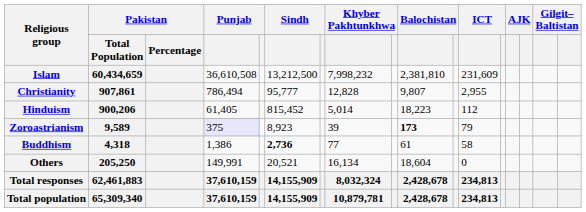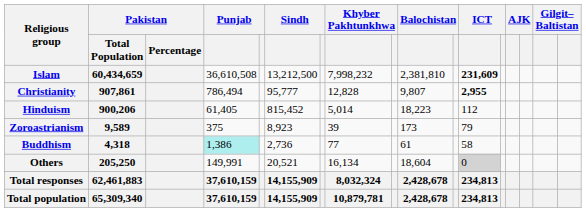 <table class="wikitable sortable">
 <tr>
 <th rowspan="2">Religious<br>group</th>
 <th colspan="2"><a href='#'>Pakistan</a></th>
 <th colspan="2"><a href='#'>Punjab</a></th>
 <th colspan="2"><a href='#'>Sindh</a></th>
 <th colspan="2"><a href='#'>Khyber<br>Pakhtunkhwa</a></th>
 <th colspan="2"><a href='#'>Balochistan</a></th>
 <th colspan="2"><a href='#'>ICT</a></th>
 <th colspan="2"><a href='#'>AJK</a></th>
 <th colspan="2"><a href='#'>Gilgit–<br>Baltistan</a></th>
 </tr>
 <tr>
 <th>Total<br>Population</th>
 <th>Percentage</th>
 <th><a href='#'></a></th>
 <th></th>
 <th></th>
 <th></th>
 <th></th>
 <th></th>
 <th></th>
 <th></th>
 <th></th>
 <th></th>
 <th></th>
 <th></th>
 <th></th>
 <th></th>
 </tr>
 <tr>
 <th><a href='#'>Islam</a> </th>
 <th>60,434,659</th>
 <th></th>
 <td>36,610,508</td>
 <td></td>
 <td>13,212,500</td>
 <td></td>
 <td>7,998,232</td>
 <td></td>
 <td>2,381,810</td>
 <td></td>
-<td>231,609</td>
+<td><strong>231,609</strong></td>
 <td></td>
 <td></td>
 <td></td>
 <td></td>
 <td></td>
 </tr>
 <tr>
 <th><a href='#'>Christianity</a> </th>
 <th>907,861</th>
 <th></th>
 <td>786,494</td>
 <td></td>
 <td>95,777</td>
 <td></td>
 <td>12,828</td>
 <td></td>
 <td>9,807</td>
 <td></td>
-<td>2,955</td>
+<td><strong>2,955</strong></td>
 <td></td>
 <td></td>
 <td></td>
 <td></td>
 <td></td>
 </tr>
 <tr>
 <th><a href='#'>Hinduism</a> </th>
 <th>900,206</th>
 <th></th>
 <td>61,405</td>
 <td></td>
 <td>815,452</td>
 <td></td>
 <td>5,014</td>
 <td></td>
 <td>18,223</td>
 <td></td>
 <td>112</td>
 <td></td>
 <td></td>
 <td></td>
 <td></td>
 <td></td>
 </tr>
 <tr>
 <th><a href='#'>Zoroastrianism</a> </th>
 <th>9,589</th>
 <th></th>
-<td style="background: lavender;">375</td>
+<td>375</td>
 <td></td>
 <td>8,923</td>
 <td></td>
 <td>39</td>
 <td></td>
-<td><strong>173</strong></td>
+<td>173</td>
 <td></td>
 <td>79</td>
 <td></td>
 <td></td>
 <td></td>
 <td></td>
 <td></td>
 </tr>
 <tr>
 <th><a href='#'>Buddhism</a> </th>
 <th>4,318</th>
 <th></th>
-<td>1,386</td>
+<td style="background: paleturquoise;">1,386</td>
 <td></td>
-<td><strong>2,736</strong></td>
+<td>2,736</td>
 <td></td>
 <td>77</td>
 <td></td>
 <td>61</td>
 <td></td>
 <td>58</td>
 <td></td>
 <td></td>
 <td></td>
 <td></td>
 <td></td>
 </tr>
 <tr>
 <th>Others</th>
 <th>205,250</th>
 <th></th>
 <td>149,991</td>
 <td></td>
 <td>20,521</td>
 <td></td>
 <td>16,134</td>
 <td></td>
 <td>18,604</td>
 <td></td>
-<td>0</td>
+<td style="background: lightgrey;">0</td>
 <td></td>
 <td></td>
 <td></td>
 <td></td>
 <td></td>
 </tr>
 <tr>
 <th>Total responses</th>
 <th>62,461,883</th>
 <th></th>
 <th>37,610,159</th>
 <th></th>
 <th>14,155,909</th>
 <th></th>
 <th>8,032,324</th>
 <th></th>
 <th>2,428,678</th>
 <th></th>
 <th>234,813</th>
 <th></th>
 <th></th>
 <th></th>
 <th></th>
 <th></th>
 </tr>
 <tr>
 <th>Total population</th>
 <th>65,309,340</th>
 <th></th>
 <th>37,610,159</th>
 <th></th>
 <th>14,155,909</th>
 <th></th>
 <th>10,879,781</th>
 <th></th>
 <th>2,428,678</th>
 <th></th>
 <th>234,813</th>
 <th></th>
 <th></th>
 <th></th>
 <th></th>
 <th></th>
 </tr>
 </table>
